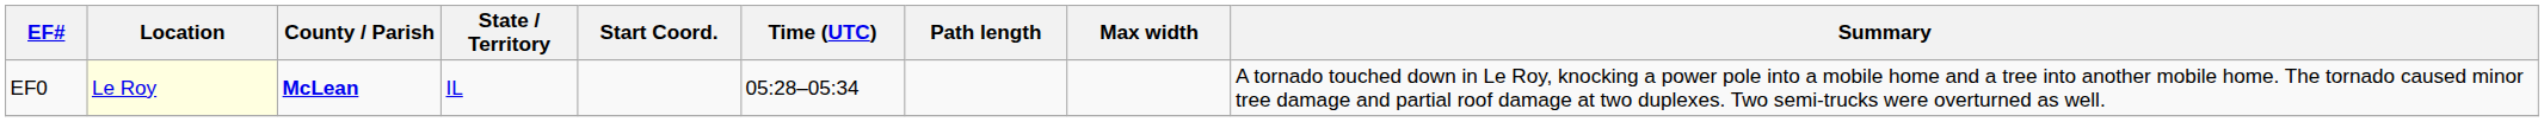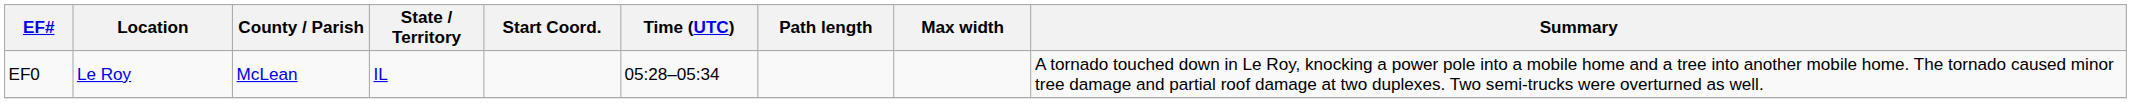 <table class="wikitable sortable" style="width:100%;">
 <tr>
 <th scope="col"  style="width:3%; text-align:center;"><a href='#'>EF#</a></th>
 <th scope="col"  style="width:7%; text-align:center;" class="unsortable">Location</th>
 <th scope="col"  style="width:6%; text-align:center;" class="unsortable">County / Parish</th>
 <th scope="col"  style="width:5%; text-align:center;">State / Territory</th>
 <th scope="col"  style="width:6%; text-align:center;">Start Coord.</th>
 <th scope="col"  style="width:6%; text-align:center;">Time (<a href='#'>UTC</a>)</th>
 <th scope="col"  style="width:6%; text-align:center;">Path length</th>
 <th scope="col"  style="width:6%; text-align:center;">Max width</th>
 <th scope="col" class="unsortable" style="width:48%; text-align:center;">Summary</th>
 </tr>
 <tr>
 <td>EF0</td>
-<td style="background: lightyellow;"><a href='#'>Le Roy</a></td>
-<td><strong><a href='#'>McLean</a></strong></td>
+<td><a href='#'>Le Roy</a></td>
+<td><a href='#'>McLean</a></td>
 <td><a href='#'>IL</a></td>
 <td></td>
 <td>05:28–05:34</td>
 <td></td>
 <td></td>
 <td>A tornado touched down in Le Roy, knocking a power pole into a mobile home and a tree into another mobile home. The tornado caused minor tree damage and partial roof damage at two duplexes. Two semi-trucks were overturned as well.</td>
 </tr>
 <tr>
 </tr>
 </table>
